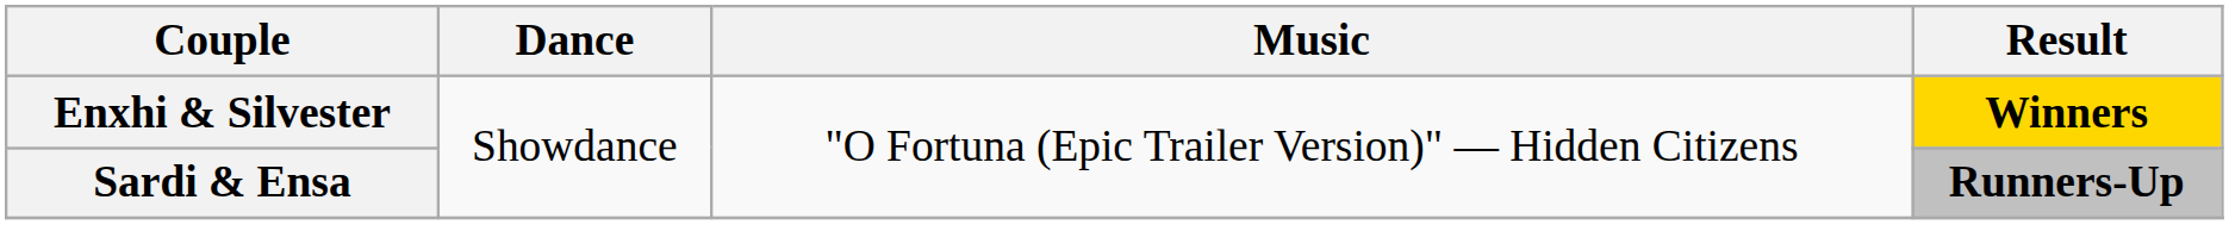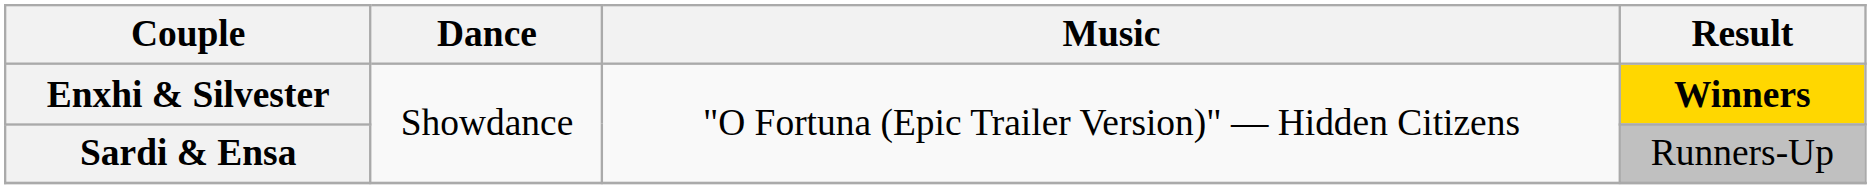 <table class="wikitable sortable" style="text-align:center; width: 90%">
 <tr>
 <th scope="col">Couple</th>
 <th scope="col" class="unsortable">Dance</th>
 <th scope="col" class="unsortable">Music</th>
 <th scope="col" class="unsortable">Result</th>
 </tr>
 <tr>
 <th scope="row">Enxhi & Silvester</th>
 <td rowspan="2">Showdance</td>
 <td rowspan="2">"O Fortuna (Epic Trailer Version)" — Hidden Citizens</td>
 <td bgcolor=gold><strong>Winners</strong></td>
 </tr>
 <tr>
 <th scope="row">Sardi & Ensa</th>
-<td bgcolor=silver><strong>Runners-Up</strong></td>
+<td bgcolor=silver>Runners-Up</td>
 </tr>
 <tr>
 </tr>
 </table>
